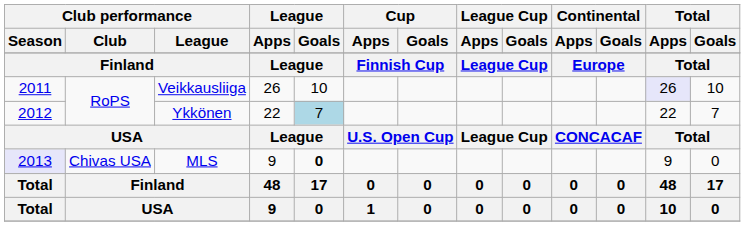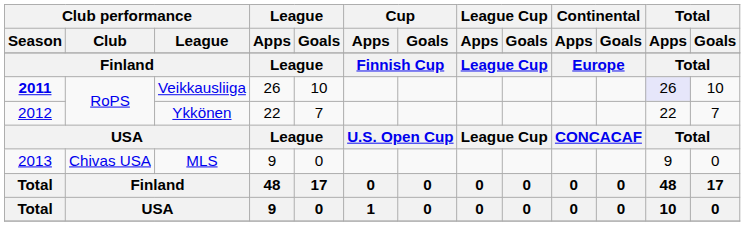 <table class="wikitable" style="text-align:center">
 <tr>
 <th colspan=3>Club performance</th>
 <th colspan=2>League</th>
 <th colspan=2>Cup</th>
 <th colspan=2>League Cup</th>
 <th colspan=2>Continental</th>
 <th colspan=2>Total</th>
 </tr>
 <tr>
 <th>Season</th>
 <th>Club</th>
 <th>League</th>
 <th>Apps</th>
 <th>Goals</th>
 <th>Apps</th>
 <th>Goals</th>
 <th>Apps</th>
 <th>Goals</th>
 <th>Apps</th>
 <th>Goals</th>
 <th>Apps</th>
 <th>Goals</th>
 </tr>
 <tr>
 </tr>
 <tr>
 <th colspan=3>Finland</th>
 <th colspan=2>League</th>
 <th colspan=2><a href='#'>Finnish Cup</a></th>
 <th colspan=2><a href='#'>League Cup</a></th>
 <th colspan=2><a href='#'>Europe</a></th>
 <th colspan=2>Total</th>
 </tr>
 <tr>
-<td><a href='#'>2011</a></td>
+<td><strong><a href='#'>2011</a></strong></td>
 <td rowspan="2"><a href='#'>RoPS</a></td>
 <td rowspan="1"><a href='#'>Veikkausliiga</a></td>
 <td>26</td>
 <td>10</td>
 <td></td>
 <td></td>
 <td></td>
 <td></td>
 <td></td>
 <td></td>
 <td style="background: lavender;">26</td>
 <td>10</td>
 </tr>
 <tr>
 <td><a href='#'>2012</a></td>
 <td><a href='#'>Ykkönen</a></td>
 <td>22</td>
-<td style="background: lightblue;">7</td>
+<td>7</td>
 <td></td>
 <td></td>
 <td></td>
 <td></td>
 <td></td>
 <td></td>
 <td>22</td>
 <td>7</td>
 </tr>
 <tr>
 <th colspan=3>USA</th>
 <th colspan=2>League</th>
 <th colspan=2><a href='#'>U.S. Open Cup</a></th>
 <th colspan=2>League Cup</th>
 <th colspan=2><a href='#'>CONCACAF</a></th>
 <th colspan=2>Total</th>
 </tr>
 <tr>
-<td style="background: lavender;"><a href='#'>2013</a></td>
+<td><a href='#'>2013</a></td>
 <td rowspan="1"><a href='#'>Chivas USA</a></td>
 <td rowspan="1"><a href='#'>MLS</a></td>
 <td>9</td>
-<td><strong>0</strong></td>
+<td>0</td>
 <td></td>
 <td></td>
 <td></td>
 <td></td>
 <td></td>
 <td></td>
 <td>9</td>
 <td>0</td>
 </tr>
 <tr>
 <th rowspan=1>Total</th>
 <th colspan=2>Finland</th>
 <th>48</th>
 <th>17</th>
 <th>0</th>
 <th>0</th>
 <th>0</th>
 <th>0</th>
 <th>0</th>
 <th>0</th>
 <th>48</th>
 <th>17</th>
 </tr>
 <tr>
 <th rowspan=1>Total</th>
 <th colspan=2>USA</th>
 <th>9</th>
 <th>0</th>
 <th>1</th>
 <th>0</th>
 <th>0</th>
 <th>0</th>
 <th>0</th>
 <th>0</th>
 <th>10</th>
 <th>0</th>
 </tr>
 <tr>
 </tr>
 </table>
